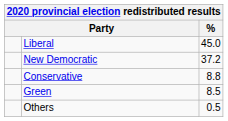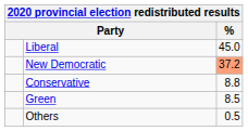 <table class="wikitable">
 <tr>
 <th colspan="4"><a href='#'>2020 provincial election</a> redistributed results</th>
 </tr>
 <tr>
 <th bgcolor="#DDDDFF" width="130px" colspan="2">Party</th>
 <th bgcolor="#DDDDFF" width="30px">%</th>
 </tr>
 <tr>
 <td> </td>
 <td><a href='#'>Liberal</a></td>
 <td align=right>45.0</td>
 </tr>
 <tr>
 <td> </td>
 <td><a href='#'>New Democratic</a></td>
-<td align=right>37.2</td>
+<td align=right style="background: lightsalmon;">37.2</td>
 </tr>
 <tr>
 <td> </td>
 <td><a href='#'>Conservative</a></td>
 <td align=right>8.8</td>
 </tr>
 <tr>
 <td> </td>
 <td><a href='#'>Green</a></td>
 <td align=right>8.5</td>
 </tr>
 <tr>
 <td> </td>
 <td>Others</td>
 <td align=right>0.5</td>
 </tr>
 </table>
